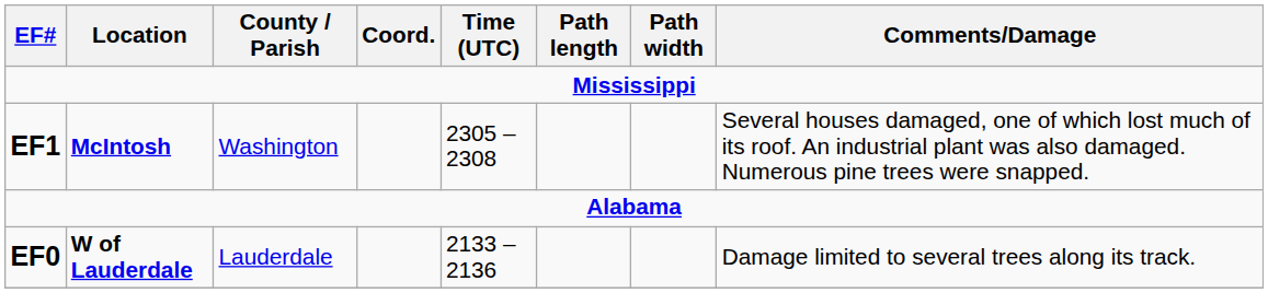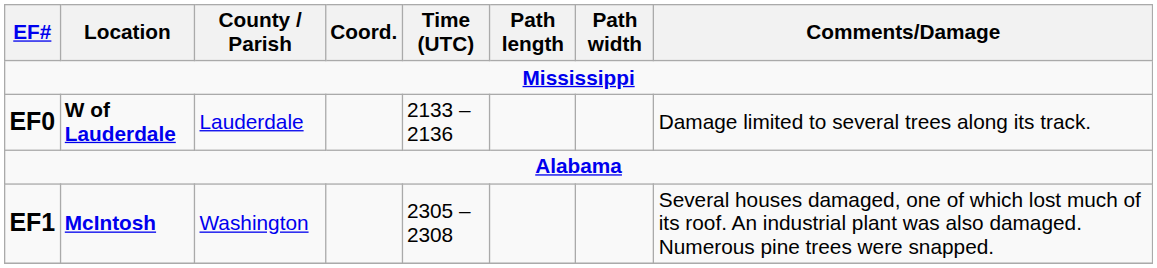 <table class="wikitable collapsible" width="100%">
 <tr>
 <th scope="col"><a href='#'>EF#</a></th>
 <th scope="col">Location</th>
 <th>County / Parish</th>
 <th scope="col">Coord.</th>
 <th scope="col">Time (UTC)</th>
 <th scope="col">Path length</th>
 <th scope="col">Path width</th>
 <th scope="col">Comments/Damage</th>
 </tr>
 <tr>
 <td colspan="8" align=center><strong><a href='#'>Mississippi</a></strong></td>
 </tr>
 <tr>
+<td><big><strong>EF0</strong></big></td>
+<td><strong>W of <a href='#'>Lauderdale</a></strong></td>
+<td><a href='#'>Lauderdale</a></td>
+<td></td>
+<td>2133 – 2136</td>
+<td></td>
+<td></td>
+<td>Damage limited to several trees along its track.</td>
+</tr>
+<tr>
+<td colspan="8" align=center><strong><a href='#'>Alabama</a></strong></td>
+</tr>
+<tr>
 <td><big><strong>EF1</strong></big></td>
 <td><strong><a href='#'>McIntosh</a></strong></td>
 <td><a href='#'>Washington</a></td>
 <td></td>
 <td>2305 – 2308</td>
 <td></td>
 <td></td>
 <td>Several houses damaged, one of which lost much of its roof. An industrial plant was also damaged. Numerous pine trees were snapped.</td>
 </tr>
 <tr>
-<td colspan="8" align=center><strong><a href='#'>Alabama</a></strong></td>
-</tr>
-<tr>
-<td><big><strong>EF0</strong></big></td>
-<td><strong>W of <a href='#'>Lauderdale</a></strong></td>
-<td><a href='#'>Lauderdale</a></td>
-<td></td>
-<td>2133 – 2136</td>
-<td></td>
-<td></td>
-<td>Damage limited to several trees along its track.</td>
-</tr>
-<tr>
 </tr>
 </table>
